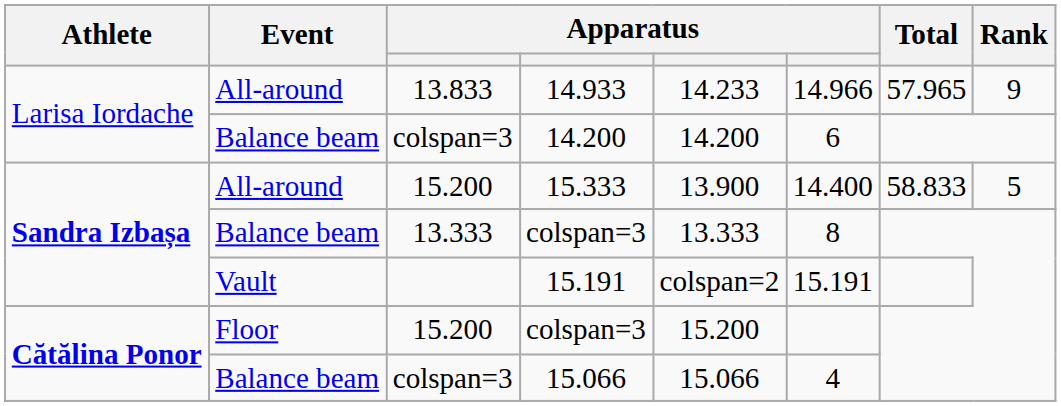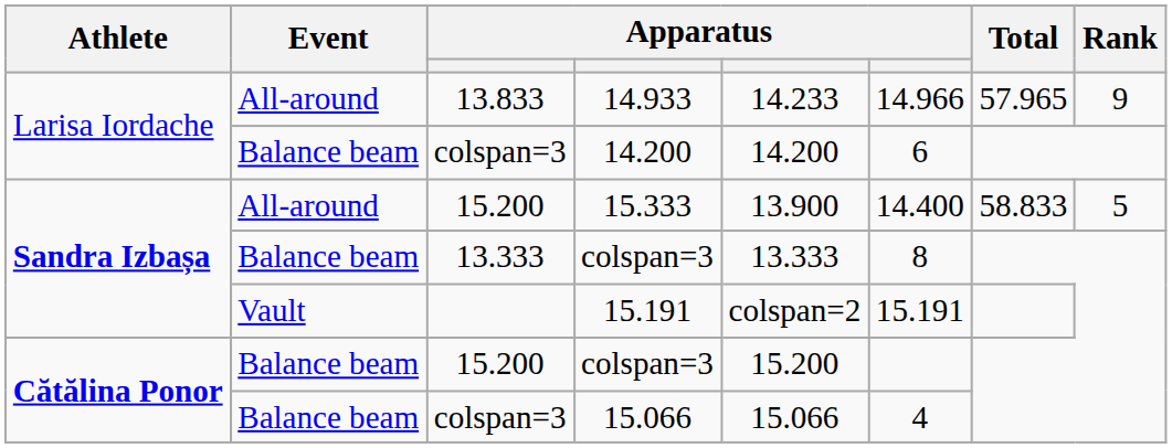 <table class="wikitable" style="font-size:90%">
 <tr>
 <th rowspan=2>Athlete</th>
 <th rowspan=2>Event</th>
 <th colspan =4>Apparatus</th>
 <th rowspan=2>Total</th>
 <th rowspan=2>Rank</th>
 </tr>
 <tr style="font-size:95%">
 <th></th>
 <th></th>
 <th></th>
 <th></th>
 </tr>
 <tr align=center>
 <td align=left rowspan="2"><a href='#'>Larisa Iordache</a></td>
 <td align=left><a href='#'>All-around</a></td>
 <td>13.833</td>
 <td>14.933</td>
 <td>14.233</td>
 <td>14.966</td>
 <td>57.965</td>
 <td>9</td>
 </tr>
 <tr align=center>
 <td align=left><a href='#'>Balance beam</a></td>
 <td>colspan=3 </td>
 <td>14.200</td>
 <td>14.200</td>
 <td>6</td>
 </tr>
 <tr align=center>
 <td align=left rowspan=3><strong><a href='#'>Sandra Izbașa</a></strong></td>
 <td align=left><a href='#'>All-around</a></td>
 <td>15.200</td>
 <td>15.333</td>
 <td>13.900</td>
 <td>14.400</td>
 <td>58.833</td>
 <td>5</td>
 </tr>
 <tr align=center>
 <td align=left><a href='#'>Balance beam</a></td>
 <td>13.333</td>
 <td>colspan=3 </td>
 <td>13.333</td>
 <td>8</td>
 </tr>
 <tr align=center>
 <td align=left><a href='#'>Vault</a></td>
 <td></td>
 <td>15.191</td>
 <td>colspan=2 </td>
 <td>15.191</td>
 <td></td>
 </tr>
 <tr align=center>
 <td align=left rowspan=2><strong><a href='#'>Cătălina Ponor</a></strong></td>
-<td align=left><a href='#'>Floor</a></td>
+<td align=left><a href='#'>Balance beam</a></td>
 <td>15.200</td>
 <td>colspan=3 </td>
 <td>15.200</td>
 <td></td>
 </tr>
 <tr align=center>
 <td align=left><a href='#'>Balance beam</a></td>
 <td>colspan=3 </td>
 <td>15.066</td>
 <td>15.066</td>
 <td>4</td>
 </tr>
 </table>
